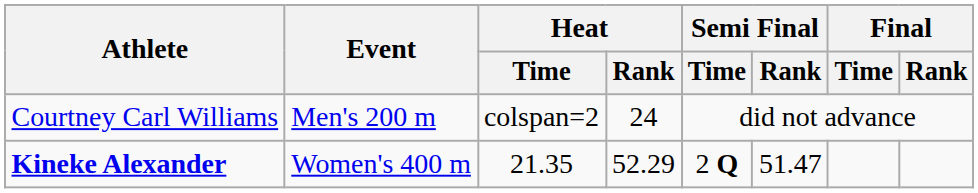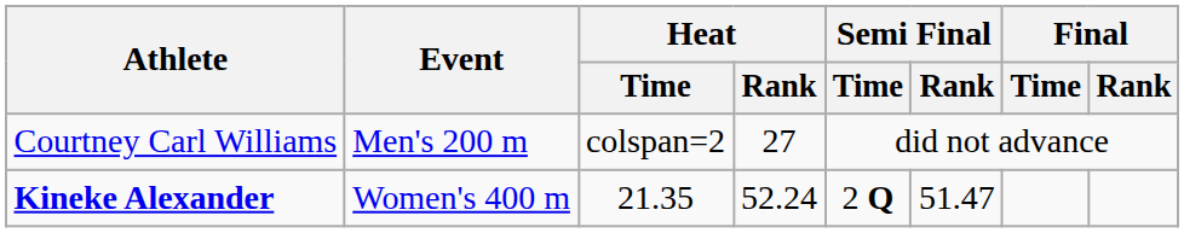 <table class=wikitable style="font-size:90%">
 <tr>
 <th rowspan="2">Athlete</th>
 <th rowspan="2">Event</th>
 <th colspan="2">Heat</th>
 <th colspan="2">Semi Final</th>
 <th colspan="2">Final</th>
 </tr>
 <tr style="font-size:95%">
 <th>Time</th>
 <th>Rank</th>
 <th>Time</th>
 <th>Rank</th>
 <th>Time</th>
 <th>Rank</th>
 </tr>
 <tr align=center>
 <td align=left><a href='#'>Courtney Carl Williams</a></td>
 <td align=left><a href='#'>Men's 200 m</a></td>
 <td>colspan=2 </td>
-<td>24</td>
+<td>27</td>
 <td colspan=4>did not advance</td>
 </tr>
 <tr align=center>
 <td align=left><strong><a href='#'>Kineke Alexander</a></strong></td>
 <td align=left><a href='#'>Women's 400 m</a></td>
 <td>21.35</td>
-<td>52.29</td>
+<td>52.24</td>
 <td>2 <strong>Q</strong></td>
 <td>51.47</td>
 <td></td>
 </tr>
 </table>
